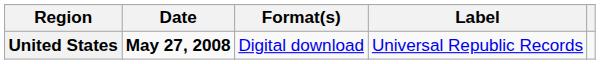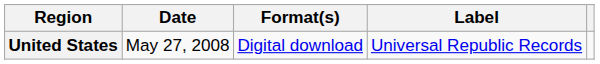 <table class="wikitable plainrowheaders">
 <tr>
 <th scope="col">Region</th>
 <th scope="col">Date</th>
 <th scope="col">Format(s)</th>
 <th scope="col">Label</th>
 <th scope="col"></th>
 </tr>
 <tr>
 <th scope="row" rowspan="2">United States</th>
-<td><strong>May 27, 2008</strong></td>
+<td>May 27, 2008</td>
 <td><a href='#'>Digital download</a></td>
 <td><a href='#'>Universal Republic Records</a></td>
 <td></td>
 </tr>
 </table>
